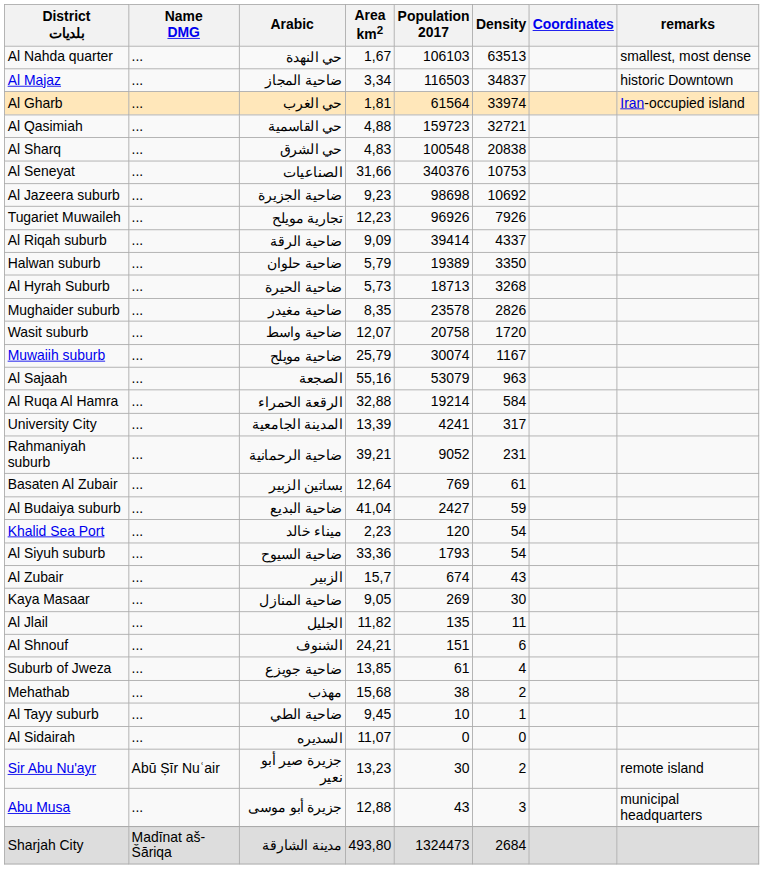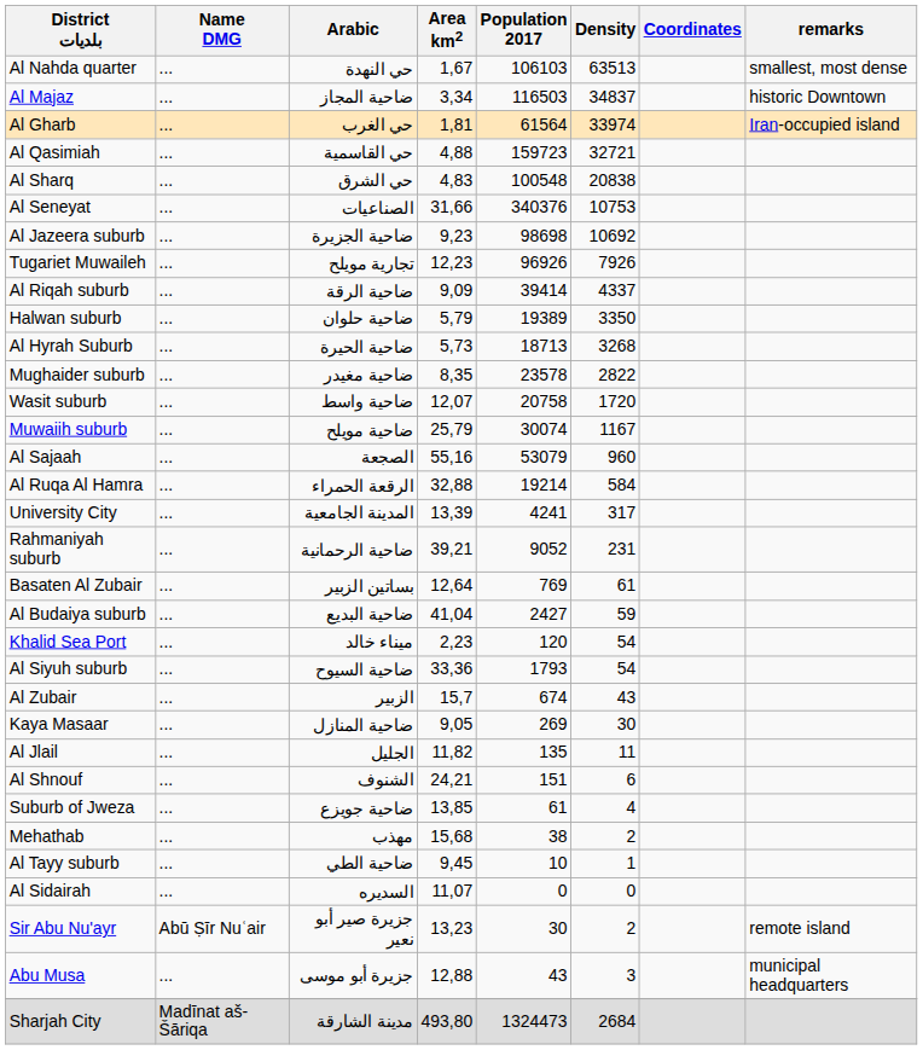 <table class="wikitable sortable">
 <tr>
 <th>District<br> بلديات</th>
 <th>Name<br> <a href='#'>DMG</a></th>
 <th>Arabic</th>
 <th>Area<br>km<sup>2</sup></th>
 <th>Population<br>2017</th>
 <th>Density</th>
 <th><a href='#'>Coordinates</a></th>
 <th>remarks</th>
 </tr>
 <tr>
 <td>Al Nahda quarter</td>
 <td>...</td>
 <td style="text-align:right">حي النهدة‎</td>
 <td style="text-align:right;">1,67</td>
 <td style="text-align:right;">106103</td>
 <td style="text-align:right;">63513</td>
 <td><small></small></td>
 <td>smallest, most dense</td>
 </tr>
 <tr>
 <td><a href='#'>Al Majaz</a></td>
 <td>...</td>
 <td style="text-align:right">ضاحية المجاز‎</td>
 <td style="text-align:right;">3,34</td>
 <td style="text-align:right;">116503</td>
 <td style="text-align:right;">34837</td>
 <td><small></small></td>
 <td>historic Downtown</td>
 </tr>
 <tr style="background:#FFE7BA">
 <td>Al Gharb</td>
 <td>...</td>
 <td style="text-align:right">حي الغرب‎</td>
 <td style="text-align:right;">1,81</td>
 <td style="text-align:right;">61564</td>
 <td style="text-align:right;">33974</td>
 <td><small></small></td>
 <td><a href='#'>Iran</a>-occupied island</td>
 </tr>
 <tr>
 <td>Al Qasimiah</td>
 <td>...</td>
 <td style="text-align:right">حي القاسمية‎</td>
 <td style="text-align:right;">4,88</td>
 <td style="text-align:right;">159723</td>
 <td style="text-align:right;">32721</td>
 <td><small></small></td>
 <td></td>
 </tr>
 <tr>
 <td>Al Sharq</td>
 <td>...</td>
 <td style="text-align:right">حي الشرق‎</td>
 <td style="text-align:right;">4,83</td>
 <td style="text-align:right;">100548</td>
 <td style="text-align:right;">20838</td>
 <td><small></small></td>
 <td></td>
 </tr>
 <tr>
 <td>Al Seneyat</td>
 <td>...</td>
 <td style="text-align:right">الصناعيات‎</td>
 <td style="text-align:right;">31,66</td>
 <td style="text-align:right;">340376</td>
 <td style="text-align:right;">10753</td>
 <td><small></small></td>
 <td></td>
 </tr>
 <tr>
 <td>Al Jazeera suburb</td>
 <td>...</td>
 <td style="text-align:right">ضاحية الجزيرة</td>
 <td style="text-align:right;">9,23</td>
 <td style="text-align:right;">98698</td>
 <td style="text-align:right;">10692</td>
 <td><small></small></td>
 <td></td>
 </tr>
 <tr>
 <td>Tugariet Muwaileh</td>
 <td>...</td>
 <td style="text-align:right">تجارية مويلح‎</td>
 <td style="text-align:right;">12,23</td>
 <td style="text-align:right;">96926</td>
 <td style="text-align:right;">7926</td>
 <td><small></small></td>
 <td></td>
 </tr>
 <tr>
 <td>Al Riqah suburb</td>
 <td>...</td>
 <td style="text-align:right">ضاحية الرقة‎</td>
 <td style="text-align:right;">9,09</td>
 <td style="text-align:right;">39414</td>
 <td style="text-align:right;">4337</td>
 <td><small></small></td>
 <td></td>
 </tr>
 <tr>
 <td>Halwan suburb</td>
 <td>...</td>
 <td style="text-align:right">ضاحية حلوان‎</td>
 <td style="text-align:right;">5,79</td>
 <td style="text-align:right;">19389</td>
 <td style="text-align:right;">3350</td>
 <td><small></small></td>
 <td></td>
 </tr>
 <tr>
 <td>Al Hyrah Suburb</td>
 <td>...</td>
 <td style="text-align:right">ضاحية الحيرة‎</td>
 <td style="text-align:right;">5,73</td>
 <td style="text-align:right;">18713</td>
 <td style="text-align:right;">3268</td>
 <td><small></small></td>
 <td></td>
 </tr>
 <tr>
 <td>Mughaider suburb</td>
 <td>...</td>
 <td style="text-align:right">ضاحية مغيدر‎</td>
 <td style="text-align:right;">8,35</td>
 <td style="text-align:right;">23578</td>
-<td style="text-align:right;">2826</td>
+<td style="text-align:right;">2822</td>
 <td><small></small></td>
 <td></td>
 </tr>
 <tr>
 <td>Wasit suburb</td>
 <td>...</td>
 <td style="text-align:right">ضاحية واسط‎</td>
 <td style="text-align:right;">12,07</td>
 <td style="text-align:right;">20758</td>
 <td style="text-align:right;">1720</td>
 <td><small></small></td>
 <td></td>
 </tr>
 <tr>
 <td><a href='#'>Muwaiih suburb</a></td>
 <td>...</td>
 <td style="text-align:right">ضاحية مويلح‎</td>
 <td style="text-align:right;">25,79</td>
 <td style="text-align:right;">30074</td>
 <td style="text-align:right;">1167</td>
 <td><small></small></td>
 <td></td>
 </tr>
 <tr>
 <td>Al Sajaah</td>
 <td>...</td>
 <td style="text-align:right">الصجعة‎</td>
 <td style="text-align:right;">55,16</td>
 <td style="text-align:right;">53079</td>
-<td style="text-align:right;">963</td>
+<td style="text-align:right;">960</td>
 <td><small></small></td>
 <td></td>
 </tr>
 <tr>
 <td>Al Ruqa Al Hamra</td>
 <td>...</td>
 <td style="text-align:right">الرقعة الحمراء‎</td>
 <td style="text-align:right;">32,88</td>
 <td style="text-align:right;">19214</td>
 <td style="text-align:right;">584</td>
 <td><small></small></td>
 <td></td>
 </tr>
 <tr>
 <td>University City</td>
 <td>...</td>
 <td style="text-align:right">المدينة الجامعية‎</td>
 <td style="text-align:right;">13,39</td>
 <td style="text-align:right;">4241</td>
 <td style="text-align:right;">317</td>
 <td><small></small></td>
 <td></td>
 </tr>
 <tr>
 <td>Rahmaniyah suburb</td>
 <td>...</td>
 <td style="text-align:right">ضاحية الرحمانية‎</td>
 <td style="text-align:right;">39,21</td>
 <td style="text-align:right;">9052</td>
 <td style="text-align:right;">231</td>
 <td><small></small></td>
 <td></td>
 </tr>
 <tr>
 <td>Basaten Al Zubair</td>
 <td>...</td>
 <td style="text-align:right">بساتين الزبير‎</td>
 <td style="text-align:right;">12,64</td>
 <td style="text-align:right;">769</td>
 <td style="text-align:right;">61</td>
 <td><small></small></td>
 <td></td>
 </tr>
 <tr>
 <td>Al Budaiya suburb</td>
 <td>...</td>
 <td style="text-align:right">ضاحية البديع‎</td>
 <td style="text-align:right;">41,04</td>
 <td style="text-align:right;">2427</td>
 <td style="text-align:right;">59</td>
 <td><small></small></td>
 <td></td>
 </tr>
 <tr>
 <td><a href='#'>Khalid Sea Port</a></td>
 <td>...</td>
 <td style="text-align:right">ميناء خالد‎</td>
 <td style="text-align:right;">2,23</td>
 <td style="text-align:right;">120</td>
 <td style="text-align:right;">54</td>
 <td><small></small></td>
 <td></td>
 </tr>
 <tr>
 <td>Al Siyuh suburb</td>
 <td>...</td>
 <td style="text-align:right">ضاحية السيوح‎</td>
 <td style="text-align:right;">33,36</td>
 <td style="text-align:right;">1793</td>
 <td style="text-align:right;">54</td>
 <td><small></small></td>
 <td></td>
 </tr>
 <tr>
 <td>Al Zubair</td>
 <td>...</td>
 <td style="text-align:right">الزبير‎</td>
 <td style="text-align:right;">15,7</td>
 <td style="text-align:right;">674</td>
 <td style="text-align:right;">43</td>
 <td><small></small></td>
 <td></td>
 </tr>
 <tr>
 <td>Kaya Masaar</td>
 <td>...</td>
 <td style="text-align:right">ضاحية المنازل‎</td>
 <td style="text-align:right;">9,05</td>
 <td style="text-align:right;">269</td>
 <td style="text-align:right;">30</td>
 <td><small></small></td>
 <td></td>
 </tr>
 <tr>
 <td>Al Jlail</td>
 <td>...</td>
 <td style="text-align:right">الجليل‎</td>
 <td style="text-align:right;">11,82</td>
 <td style="text-align:right;">135</td>
 <td style="text-align:right;">11</td>
 <td><small></small></td>
 <td></td>
 </tr>
 <tr>
 <td>Al Shnouf</td>
 <td>...</td>
 <td style="text-align:right">الشنوف‎</td>
 <td style="text-align:right;">24,21</td>
 <td style="text-align:right;">151</td>
 <td style="text-align:right;">6</td>
 <td><small></small></td>
 <td></td>
 </tr>
 <tr>
 <td>Suburb of Jweza</td>
 <td>...</td>
 <td style="text-align:right">ضاحية جويزع‎</td>
 <td style="text-align:right;">13,85</td>
 <td style="text-align:right;">61</td>
 <td style="text-align:right;">4</td>
 <td><small></small></td>
 <td></td>
 </tr>
 <tr>
 <td>Mehathab</td>
 <td>...</td>
 <td style="text-align:right">مهذب‎</td>
 <td style="text-align:right;">15,68</td>
 <td style="text-align:right;">38</td>
 <td style="text-align:right;">2</td>
 <td><small></small></td>
 <td></td>
 </tr>
 <tr>
 <td>Al Tayy suburb</td>
 <td>...</td>
 <td style="text-align:right">ضاحية الطي‎</td>
 <td style="text-align:right;">9,45</td>
 <td style="text-align:right;">10</td>
 <td style="text-align:right;">1</td>
 <td><small></small></td>
 <td></td>
 </tr>
 <tr>
 <td>Al Sidairah</td>
 <td>...</td>
 <td style="text-align:right">السديره‎</td>
 <td style="text-align:right;">11,07</td>
 <td style="text-align:right;">0</td>
 <td style="text-align:right;">0</td>
 <td><small></small></td>
 <td></td>
 </tr>
 <tr>
 <td><a href='#'>Sir Abu Nu'ayr</a></td>
 <td>Abū Ṣīr Nuʿair</td>
 <td style="text-align:right">جزيرة صير أبو نعير‎</td>
 <td style="text-align:right;">13,23</td>
 <td style="text-align:right;">30</td>
 <td style="text-align:right;">2</td>
 <td><small></small></td>
 <td>remote island</td>
 </tr>
 <tr>
 <td><a href='#'>Abu Musa</a></td>
 <td>...</td>
 <td style="text-align:right">جزيرة أبو موسى‎</td>
 <td style="text-align:right;">12,88</td>
 <td style="text-align:right;">43</td>
 <td style="text-align:right;">3</td>
 <td><small></small></td>
 <td>municipal headquarters</td>
 </tr>
 <tr>
 </tr>
 <tr class="sortbottom" style="background:#DDDDDD;">
 <td>Sharjah City</td>
 <td>Madīnat aš-Šāriqa</td>
 <td style="text-align:right">مدينة الشارقة‎</td>
 <td style="text-align:right;">493,80</td>
 <td style="text-align:right;">1324473</td>
 <td style="text-align:right;">2684</td>
 <td></td>
 <td></td>
 </tr>
 </table>
